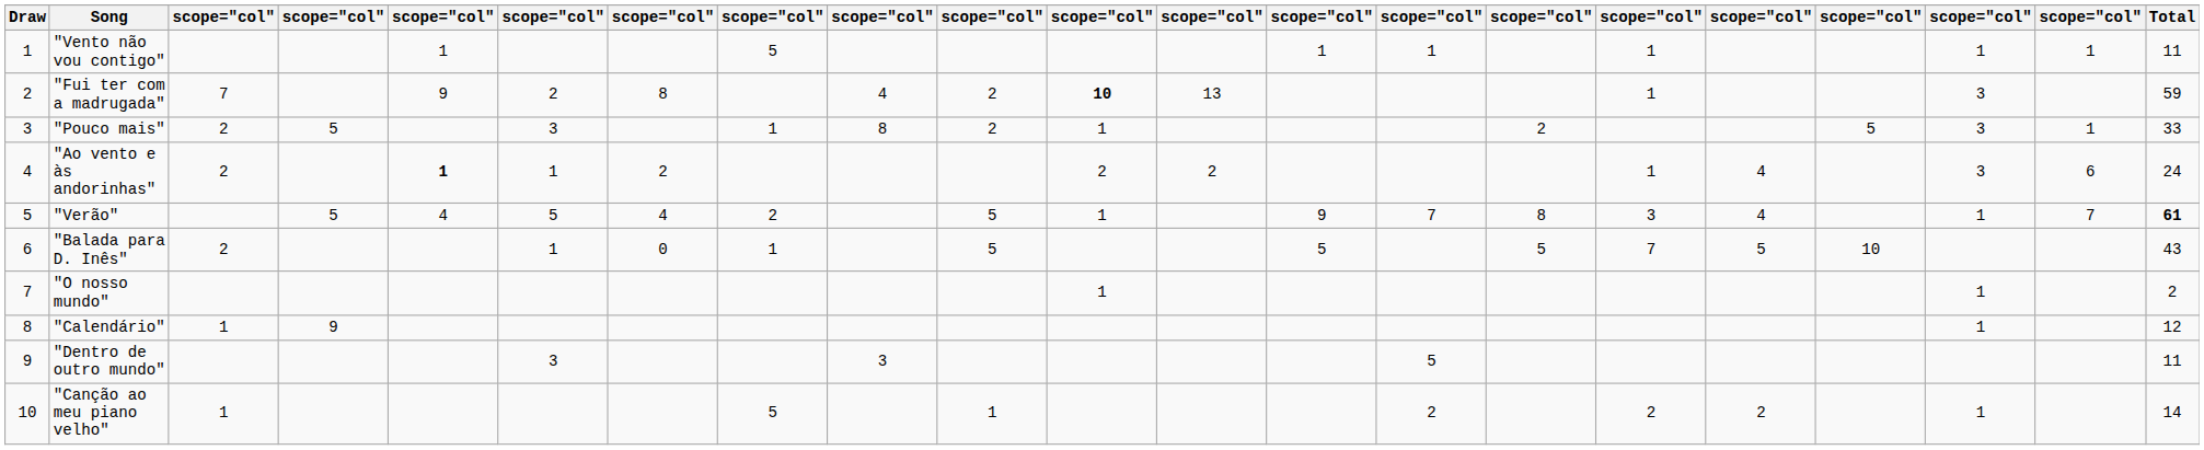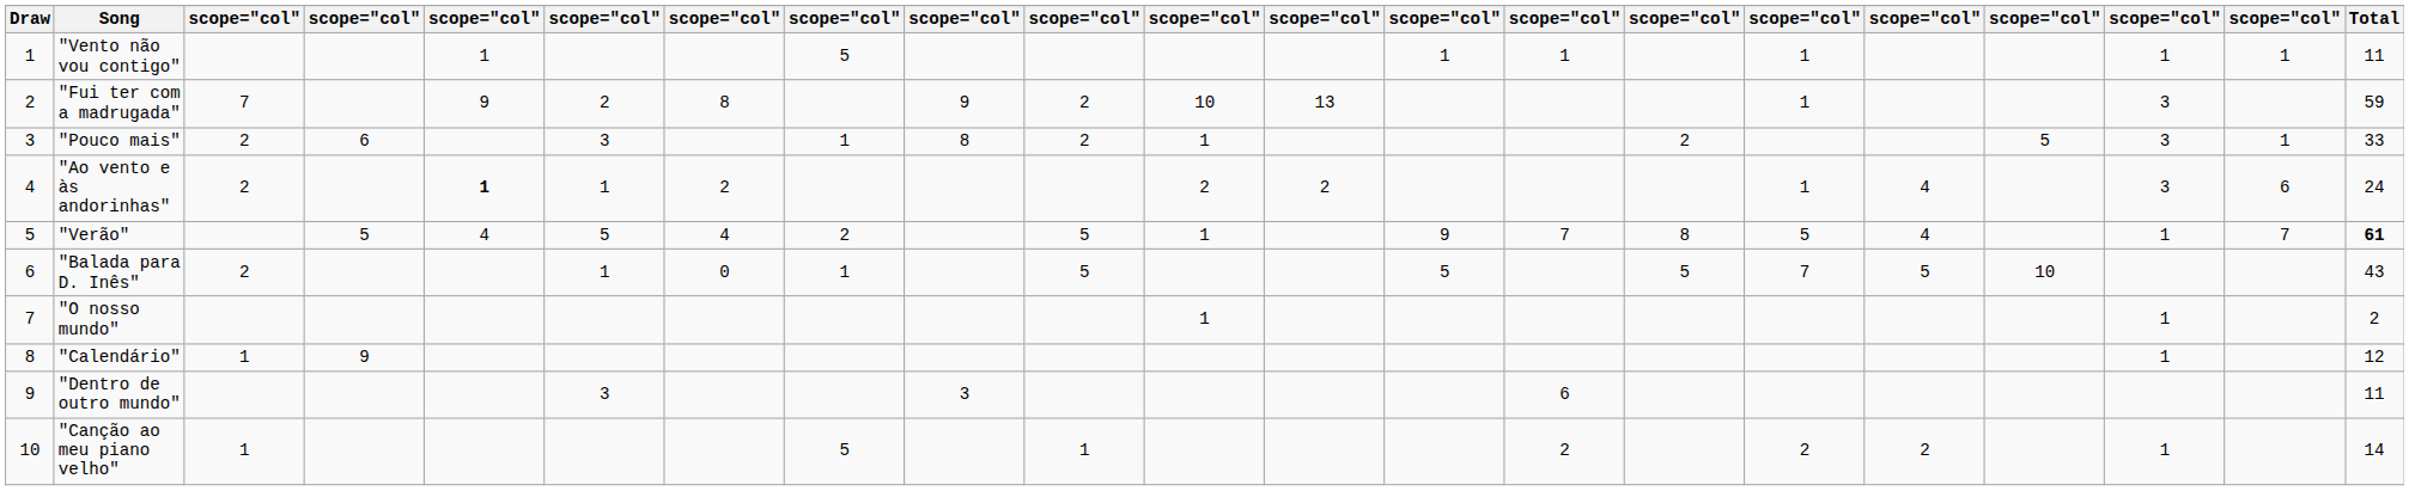 <table class="wikitable plainrowheaders" style="margin: 1em auto 1em auto; text-align:center;">
 <tr>
 </tr>
 <tr>
 <th scope="col">Draw</th>
 <th scope="col">Song</th>
 <th>scope="col" </th>
 <th>scope="col" </th>
 <th>scope="col" </th>
 <th>scope="col" </th>
 <th>scope="col" </th>
 <th>scope="col" </th>
 <th>scope="col" </th>
 <th>scope="col" </th>
 <th>scope="col" </th>
 <th>scope="col" </th>
 <th>scope="col" </th>
 <th>scope="col" </th>
 <th>scope="col" </th>
 <th>scope="col" </th>
 <th>scope="col" </th>
 <th>scope="col" </th>
 <th>scope="col" </th>
 <th>scope="col" </th>
 <th scope="col">Total</th>
 </tr>
 <tr>
 <td>1</td>
 <td align="left">"Vento não vou contigo"</td>
 <td></td>
 <td></td>
 <td>1</td>
 <td></td>
 <td></td>
 <td>5</td>
 <td></td>
 <td></td>
 <td></td>
 <td></td>
 <td>1</td>
 <td>1</td>
 <td></td>
 <td>1</td>
 <td></td>
 <td></td>
 <td>1</td>
 <td>1</td>
 <td>11</td>
 </tr>
 <tr>
 <td>2</td>
 <td align="left">"Fui ter com a madrugada"</td>
 <td>7</td>
 <td></td>
 <td>9</td>
 <td>2</td>
 <td>8</td>
 <td></td>
-<td>4</td>
+<td>9</td>
 <td>2</td>
-<td><strong>10</strong></td>
+<td>10</td>
 <td>13</td>
 <td></td>
 <td></td>
 <td></td>
 <td>1</td>
 <td></td>
 <td></td>
 <td>3</td>
 <td></td>
 <td>59</td>
 </tr>
 <tr>
 <td>3</td>
 <td align="left">"Pouco mais"</td>
 <td>2</td>
-<td>5</td>
+<td>6</td>
 <td></td>
 <td>3</td>
 <td></td>
 <td>1</td>
 <td>8</td>
 <td>2</td>
 <td>1</td>
 <td></td>
 <td></td>
 <td></td>
 <td>2</td>
 <td></td>
 <td></td>
 <td>5</td>
 <td>3</td>
 <td>1</td>
 <td>33</td>
 </tr>
 <tr>
 <td>4</td>
 <td align="left">"Ao vento e às andorinhas"</td>
 <td>2</td>
 <td></td>
 <td><strong>1</strong></td>
 <td>1</td>
 <td>2</td>
 <td></td>
 <td></td>
 <td></td>
 <td>2</td>
 <td>2</td>
 <td></td>
 <td></td>
 <td></td>
 <td>1</td>
 <td>4</td>
 <td></td>
 <td>3</td>
 <td>6</td>
 <td>24</td>
 </tr>
 <tr>
 <td>5</td>
 <td align="left">"Verão"</td>
 <td></td>
 <td>5</td>
 <td>4</td>
 <td>5</td>
 <td>4</td>
 <td>2</td>
 <td></td>
 <td>5</td>
 <td>1</td>
 <td></td>
 <td>9</td>
 <td>7</td>
 <td>8</td>
-<td>3</td>
+<td>5</td>
 <td>4</td>
 <td></td>
 <td>1</td>
 <td>7</td>
 <td><strong>61</strong></td>
 </tr>
 <tr>
 <td>6</td>
 <td align="left">"Balada para D. Inês"</td>
 <td>2</td>
 <td></td>
 <td></td>
 <td>1</td>
 <td>0</td>
 <td>1</td>
 <td></td>
 <td>5</td>
 <td></td>
 <td></td>
 <td>5</td>
 <td></td>
 <td>5</td>
 <td>7</td>
 <td>5</td>
 <td>10</td>
 <td></td>
 <td></td>
 <td>43</td>
 </tr>
 <tr>
 <td>7</td>
 <td align="left">"O nosso mundo"</td>
 <td></td>
 <td></td>
 <td></td>
 <td></td>
 <td></td>
 <td></td>
 <td></td>
 <td></td>
 <td>1</td>
 <td></td>
 <td></td>
 <td></td>
 <td></td>
 <td></td>
 <td></td>
 <td></td>
 <td>1</td>
 <td></td>
 <td>2</td>
 </tr>
 <tr>
 <td>8</td>
 <td align="left">"Calendário"</td>
 <td>1</td>
 <td>9</td>
 <td></td>
 <td></td>
 <td></td>
 <td></td>
 <td></td>
 <td></td>
 <td></td>
 <td></td>
 <td></td>
 <td></td>
 <td></td>
 <td></td>
 <td></td>
 <td></td>
 <td>1</td>
 <td></td>
 <td>12</td>
 </tr>
 <tr>
 <td>9</td>
 <td align="left">"Dentro de outro mundo"</td>
 <td></td>
 <td></td>
 <td></td>
 <td>3</td>
 <td></td>
 <td></td>
 <td>3</td>
 <td></td>
 <td></td>
 <td></td>
 <td></td>
-<td>5</td>
+<td>6</td>
 <td></td>
 <td></td>
 <td></td>
 <td></td>
 <td></td>
 <td></td>
 <td>11</td>
 </tr>
 <tr>
 <td>10</td>
 <td align="left">"Canção ao meu piano velho"</td>
 <td>1</td>
 <td></td>
 <td></td>
 <td></td>
 <td></td>
 <td>5</td>
 <td></td>
 <td>1</td>
 <td></td>
 <td></td>
 <td></td>
 <td>2</td>
 <td></td>
 <td>2</td>
 <td>2</td>
 <td></td>
 <td>1</td>
 <td></td>
 <td>14</td>
 </tr>
 </table>
